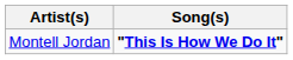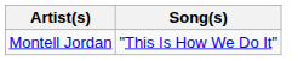 <table class="wikitable">
 <tr>
 <th>Artist(s)</th>
 <th>Song(s)</th>
 </tr>
 <tr>
 <td><a href='#'>Montell Jordan</a></td>
-<td><strong>"<a href='#'>This Is How We Do It</a>"</strong></td>
+<td>"<a href='#'>This Is How We Do It</a>"</td>
 </tr>
 </table>
